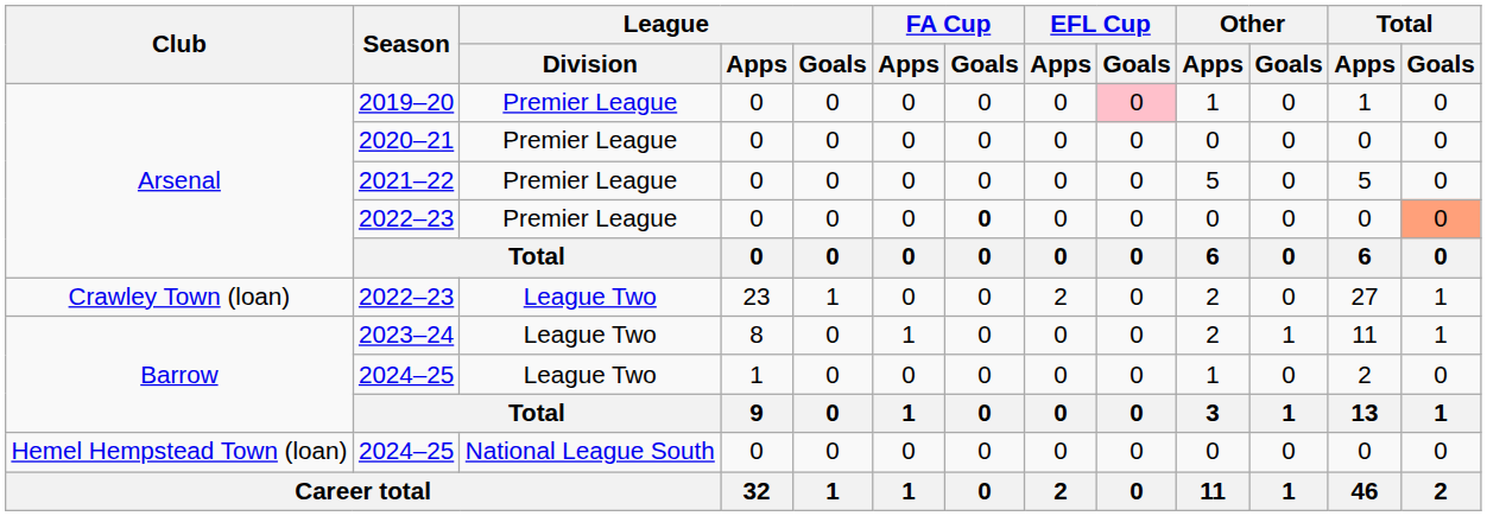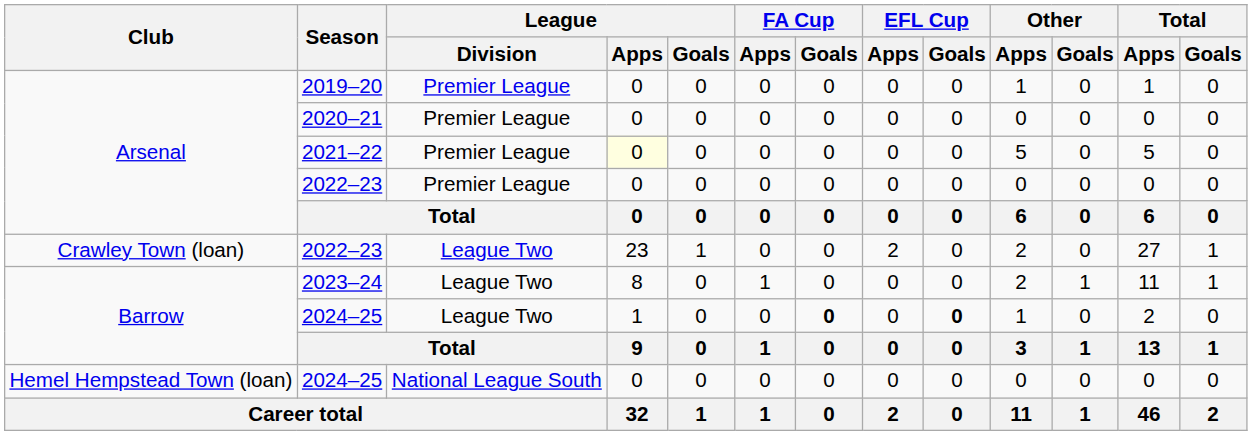 <table class="wikitable" style="text-align: center;">
 <tr>
 <th rowspan="2">Club</th>
 <th rowspan="2">Season</th>
 <th colspan="3">League</th>
 <th colspan="2"><a href='#'>FA Cup</a></th>
 <th colspan="2"><a href='#'>EFL Cup</a></th>
 <th colspan="2">Other</th>
 <th colspan="2">Total</th>
 </tr>
 <tr>
 <th>Division</th>
 <th>Apps</th>
 <th>Goals</th>
 <th>Apps</th>
 <th>Goals</th>
 <th>Apps</th>
 <th>Goals</th>
 <th>Apps</th>
 <th>Goals</th>
 <th>Apps</th>
 <th>Goals</th>
 </tr>
 <tr>
 <td rowspan="5"><a href='#'>Arsenal</a></td>
 <td><a href='#'>2019–20</a></td>
 <td><a href='#'>Premier League</a></td>
 <td>0</td>
 <td>0</td>
 <td>0</td>
 <td>0</td>
 <td>0</td>
-<td style="background: pink;">0</td>
+<td>0</td>
 <td>1</td>
 <td>0</td>
 <td>1</td>
 <td>0</td>
 </tr>
 <tr>
 <td><a href='#'>2020–21</a></td>
 <td>Premier League</td>
 <td>0</td>
 <td>0</td>
 <td>0</td>
 <td>0</td>
 <td>0</td>
 <td>0</td>
 <td>0</td>
 <td>0</td>
 <td>0</td>
 <td>0</td>
 </tr>
 <tr>
 <td><a href='#'>2021–22</a></td>
 <td>Premier League</td>
-<td>0</td>
+<td style="background: lightyellow;">0</td>
 <td>0</td>
 <td>0</td>
 <td>0</td>
 <td>0</td>
 <td>0</td>
 <td>5</td>
 <td>0</td>
 <td>5</td>
 <td>0</td>
 </tr>
 <tr>
 <td><a href='#'>2022–23</a></td>
 <td>Premier League</td>
 <td>0</td>
 <td>0</td>
 <td>0</td>
-<td><strong>0</strong></td>
 <td>0</td>
 <td>0</td>
 <td>0</td>
 <td>0</td>
 <td>0</td>
-<td style="background: lightsalmon;">0</td>
+<td>0</td>
+<td>0</td>
 </tr>
 <tr>
 <th colspan="2">Total</th>
 <th>0</th>
 <th>0</th>
 <th>0</th>
 <th>0</th>
 <th>0</th>
 <th>0</th>
 <th>6</th>
 <th>0</th>
 <th>6</th>
 <th>0</th>
 </tr>
 <tr>
 <td><a href='#'>Crawley Town</a> (loan)</td>
 <td><a href='#'>2022–23</a></td>
 <td><a href='#'>League Two</a></td>
 <td>23</td>
 <td>1</td>
 <td>0</td>
 <td>0</td>
 <td>2</td>
 <td>0</td>
 <td>2</td>
 <td>0</td>
 <td>27</td>
 <td>1</td>
 </tr>
 <tr>
 <td rowspan=3><a href='#'>Barrow</a></td>
 <td><a href='#'>2023–24</a></td>
 <td>League Two</td>
 <td>8</td>
 <td>0</td>
 <td>1</td>
 <td>0</td>
 <td>0</td>
 <td>0</td>
 <td>2</td>
 <td>1</td>
 <td>11</td>
 <td>1</td>
 </tr>
 <tr>
 <td><a href='#'>2024–25</a></td>
 <td>League Two</td>
 <td>1</td>
 <td>0</td>
 <td>0</td>
+<td><strong>0</strong></td>
 <td>0</td>
-<td>0</td>
-<td>0</td>
+<td><strong>0</strong></td>
 <td>1</td>
 <td>0</td>
 <td>2</td>
 <td>0</td>
 </tr>
 <tr>
 <th colspan="2">Total</th>
 <th>9</th>
 <th>0</th>
 <th>1</th>
 <th>0</th>
 <th>0</th>
 <th>0</th>
 <th>3</th>
 <th>1</th>
 <th>13</th>
 <th>1</th>
 </tr>
 <tr>
 <td><a href='#'>Hemel Hempstead Town</a> (loan)</td>
 <td><a href='#'>2024–25</a></td>
 <td><a href='#'>National League South</a></td>
 <td>0</td>
 <td>0</td>
 <td>0</td>
 <td>0</td>
 <td>0</td>
 <td>0</td>
 <td>0</td>
 <td>0</td>
 <td>0</td>
 <td>0</td>
 </tr>
 <tr>
 <th colspan="3">Career total</th>
 <th>32</th>
 <th>1</th>
 <th>1</th>
 <th>0</th>
 <th>2</th>
 <th>0</th>
 <th>11</th>
 <th>1</th>
 <th>46</th>
 <th>2</th>
 </tr>
 </table>
